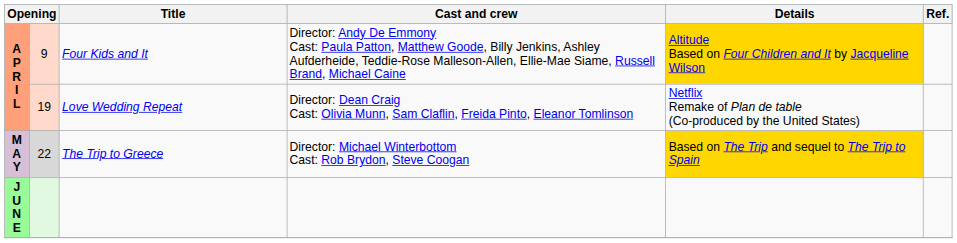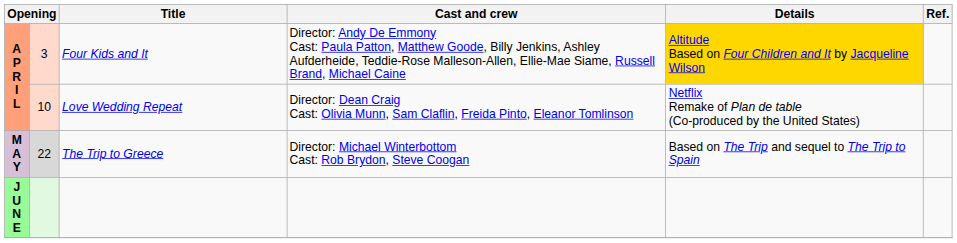 <table class="wikitable">
 <tr style="background:#b0e0e6; text-align:center;">
 <th colspan="2">Opening</th>
 <th style="width:24%;">Title</th>
 <th style="width:40%;">Cast and crew</th>
 <th>Details</th>
 <th style="width:2%;">Ref.</th>
 </tr>
 <tr>
 <th rowspan="2" style="text-align:center; background:#ffa07a; textcolor:#000;">A<br>P<br>R<br>I<br>L</th>
-<td rowspan="1" style="text-align:center; background:#ffdacc;">9</td>
+<td rowspan="1" style="text-align:center; background:#ffdacc;">3</td>
 <td><em><a href='#'>Four Kids and It</a></em></td>
 <td>Director: <a href='#'>Andy De Emmony</a> <br> Cast: <a href='#'>Paula Patton</a>, <a href='#'>Matthew Goode</a>, Billy Jenkins, Ashley Aufderheide, Teddie-Rose Malleson-Allen, Ellie-Mae Siame, <a href='#'>Russell Brand</a>, <a href='#'>Michael Caine</a></td>
 <td style="background: gold;"><a href='#'>Altitude</a> <br> Based on <em><a href='#'>Four Children and It</a></em> by <a href='#'>Jacqueline Wilson</a></td>
 <td style="text-align:center"></td>
 </tr>
 <tr>
-<td rowspan="1" style="text-align:center; background:#ffdacc;">19</td>
+<td rowspan="1" style="text-align:center; background:#ffdacc;">10</td>
 <td><em><a href='#'>Love Wedding Repeat</a></em></td>
 <td>Director: <a href='#'>Dean Craig</a> <br> Cast: <a href='#'>Olivia Munn</a>, <a href='#'>Sam Claflin</a>, <a href='#'>Freida Pinto</a>, <a href='#'>Eleanor Tomlinson</a></td>
 <td><a href='#'>Netflix</a> <br> Remake of <em>Plan de table</em> <br> (Co-produced by the United States)</td>
 <td style="text-align:center"></td>
 </tr>
 <tr>
 <th rowspan="1" style="text-align:center; background:thistle; textcolor:#000;">M<br>A<br>Y</th>
 <td rowspan="1" style="text-align:center; background:#d8d8d8;">22</td>
 <td><em><a href='#'>The Trip to Greece</a></em></td>
 <td>Director: <a href='#'>Michael Winterbottom</a> <br> Cast: <a href='#'>Rob Brydon</a>, <a href='#'>Steve Coogan</a></td>
-<td style="background: gold;">Based on <em><a href='#'>The Trip</a></em> and sequel to <em><a href='#'>The Trip to Spain</a></em></td>
+<td>Based on <em><a href='#'>The Trip</a></em> and sequel to <em><a href='#'>The Trip to Spain</a></em></td>
 <td style="text-align:center"></td>
 </tr>
 <tr>
 <th rowspan="1" style="text-align:center; background:#98fb98; textcolor:#000;">J<br>U<br>N<br>E</th>
 <td rowspan="1" style="text-align:center; background:#e0f9e0;"></td>
 <td></td>
 <td></td>
 <td></td>
 <td style="text-align:center"></td>
 </tr>
 <tr>
 </tr>
 </table>
